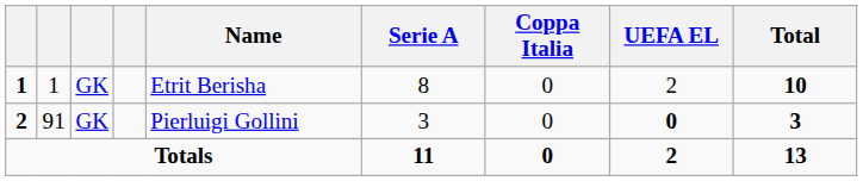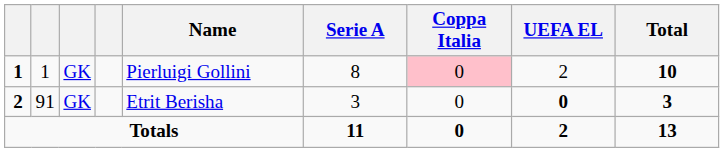 <table class="wikitable" style="text-align:center">
 <tr>
 <th width=15></th>
 <th width=15></th>
 <th width=15></th>
 <th width=15></th>
 <th width=145>Name</th>
 <th width=80><strong><a href='#'>Serie A</a></strong></th>
 <th width=80><strong><a href='#'>Coppa Italia</a></strong></th>
 <th width=80><strong><a href='#'>UEFA EL</a></strong></th>
 <th width=80>Total</th>
 </tr>
 <tr>
 <td><strong>1</strong></td>
 <td>1</td>
 <td><a href='#'>GK</a></td>
 <td></td>
-<td align=left><a href='#'>Etrit Berisha</a></td>
+<td align=left><a href='#'>Pierluigi Gollini</a></td>
 <td>8</td>
-<td>0</td>
+<td style="background: pink;">0</td>
 <td>2</td>
 <td><strong>10</strong></td>
 </tr>
 <tr>
 <td><strong>2</strong></td>
 <td>91</td>
 <td><a href='#'>GK</a></td>
 <td></td>
-<td align=left><a href='#'>Pierluigi Gollini</a></td>
+<td align=left><a href='#'>Etrit Berisha</a></td>
 <td>3</td>
 <td>0</td>
 <td><strong>0</strong></td>
 <td><strong>3</strong></td>
 </tr>
 <tr>
 <td colspan=5><strong>Totals</strong></td>
 <td><strong>11</strong></td>
 <td><strong>0</strong></td>
 <td><strong>2</strong></td>
 <td><strong>13</strong></td>
 </tr>
 </table>
